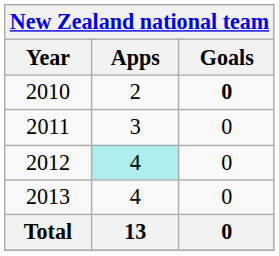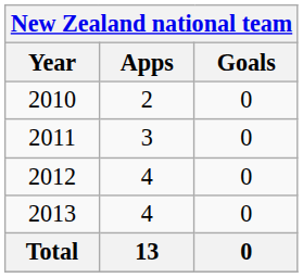 <table class="wikitable" style="text-align:center">
 <tr>
 <th colspan=3><a href='#'>New Zealand national team</a></th>
 </tr>
 <tr>
 <th>Year</th>
 <th>Apps</th>
 <th>Goals</th>
 </tr>
 <tr>
 <td>2010</td>
 <td>2</td>
-<td><strong>0</strong></td>
+<td>0</td>
 </tr>
 <tr>
 <td>2011</td>
 <td>3</td>
 <td>0</td>
 </tr>
 <tr>
 <td>2012</td>
-<td style="background: paleturquoise;">4</td>
+<td>4</td>
 <td>0</td>
 </tr>
 <tr>
 <td>2013</td>
 <td>4</td>
 <td>0</td>
 </tr>
 <tr>
 <th>Total</th>
 <th>13</th>
 <th>0</th>
 </tr>
 <tr>
 </tr>
 </table>
